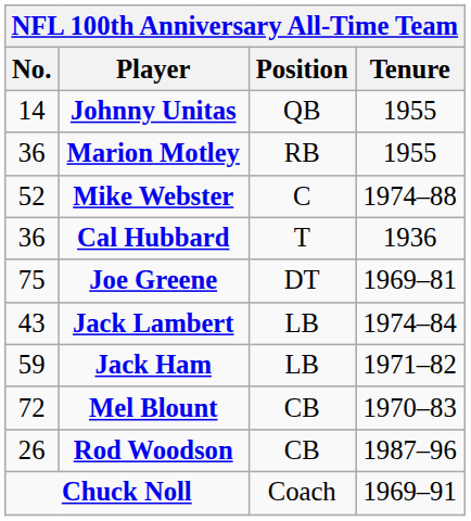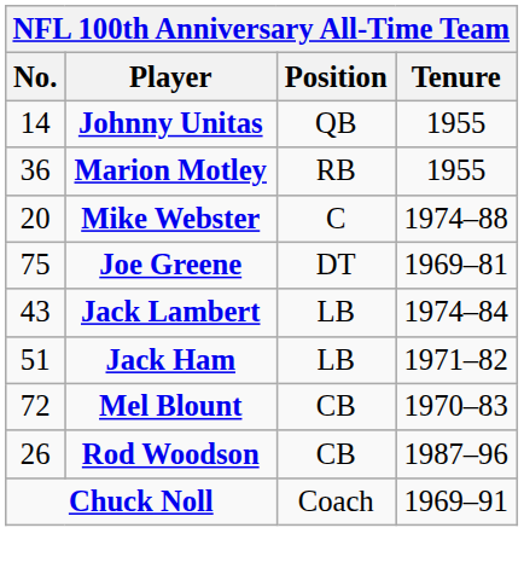 <table class="wikitable" style="text-align:center">
 <tr>
 <th colspan="4"><a href='#'><span>NFL 100th Anniversary All-Time Team</span></a></th>
 </tr>
 <tr>
 <th>No.</th>
 <th>Player</th>
 <th>Position</th>
 <th>Tenure</th>
 </tr>
 <tr>
 <td>14</td>
 <td><strong><a href='#'>Johnny Unitas</a></strong></td>
 <td>QB</td>
 <td>1955</td>
 </tr>
 <tr>
 <td>36</td>
 <td><strong><a href='#'>Marion Motley</a></strong></td>
 <td>RB</td>
 <td>1955</td>
 </tr>
 <tr>
-<td>52</td>
+<td>20</td>
 <td><strong><a href='#'>Mike Webster</a></strong></td>
 <td>C</td>
 <td>1974–88</td>
-</tr>
-<tr>
-<td>36</td>
-<td><strong><a href='#'>Cal Hubbard</a></strong></td>
-<td>T</td>
-<td>1936</td>
 </tr>
 <tr>
 <td>75</td>
 <td><strong><a href='#'>Joe Greene</a></strong></td>
 <td>DT</td>
 <td>1969–81</td>
 </tr>
 <tr>
 <td>43</td>
 <td><strong><a href='#'>Jack Lambert</a></strong></td>
 <td>LB</td>
 <td>1974–84</td>
 </tr>
 <tr>
-<td>59</td>
+<td>51</td>
 <td><strong><a href='#'>Jack Ham</a></strong></td>
 <td>LB</td>
 <td>1971–82</td>
 </tr>
 <tr>
 <td>72</td>
 <td><strong><a href='#'>Mel Blount</a></strong></td>
 <td>CB</td>
 <td>1970–83</td>
 </tr>
 <tr>
 <td>26</td>
 <td><strong><a href='#'>Rod Woodson</a></strong></td>
 <td>CB</td>
 <td>1987–96</td>
 </tr>
 <tr>
 <td colspan="2"><strong><a href='#'>Chuck Noll</a></strong></td>
 <td>Coach</td>
 <td>1969–91</td>
 </tr>
 </table>
